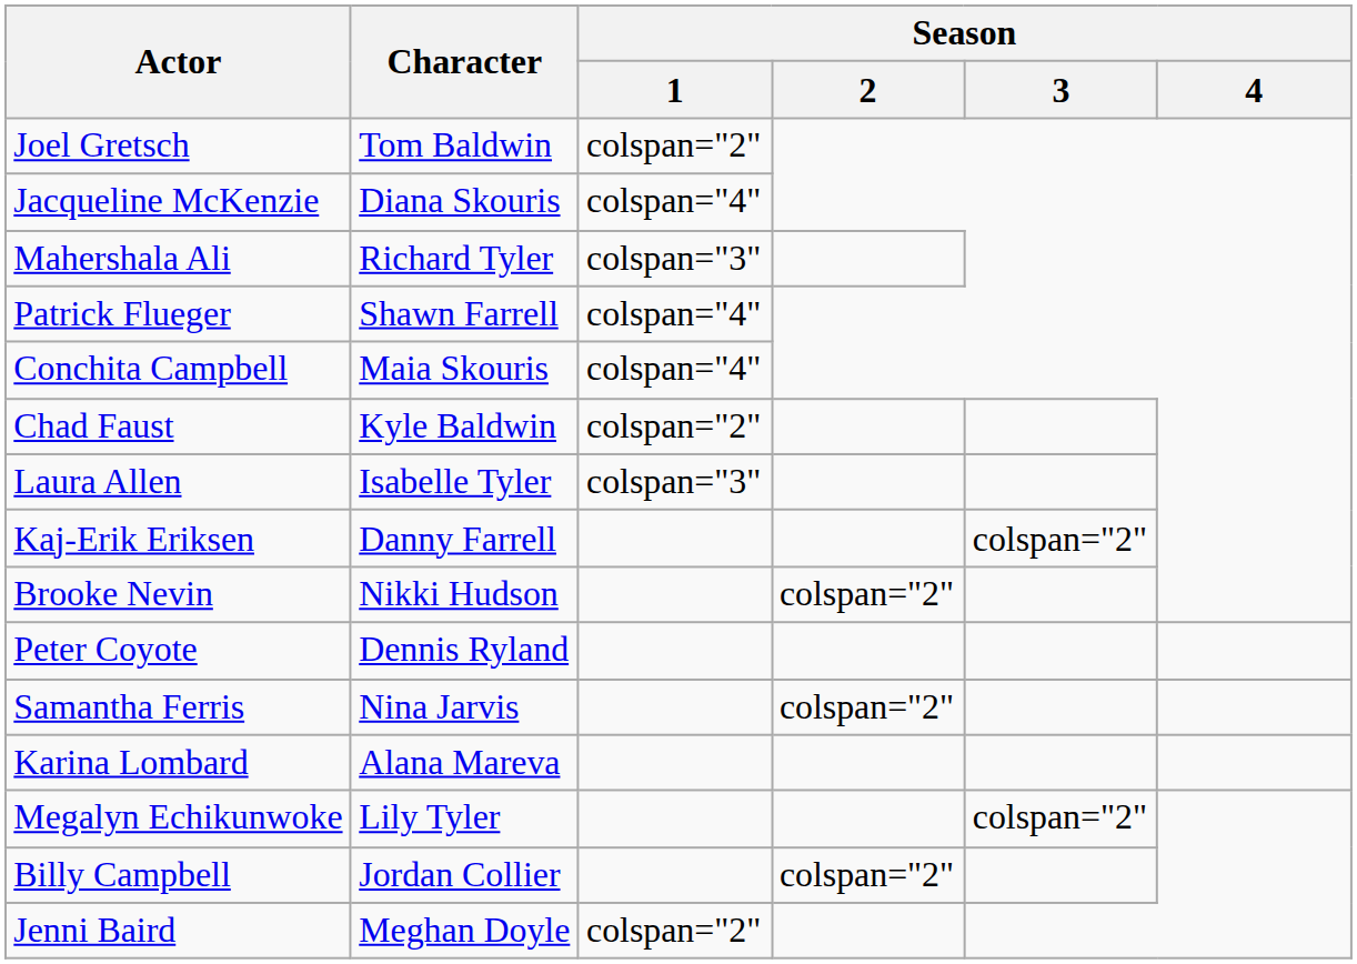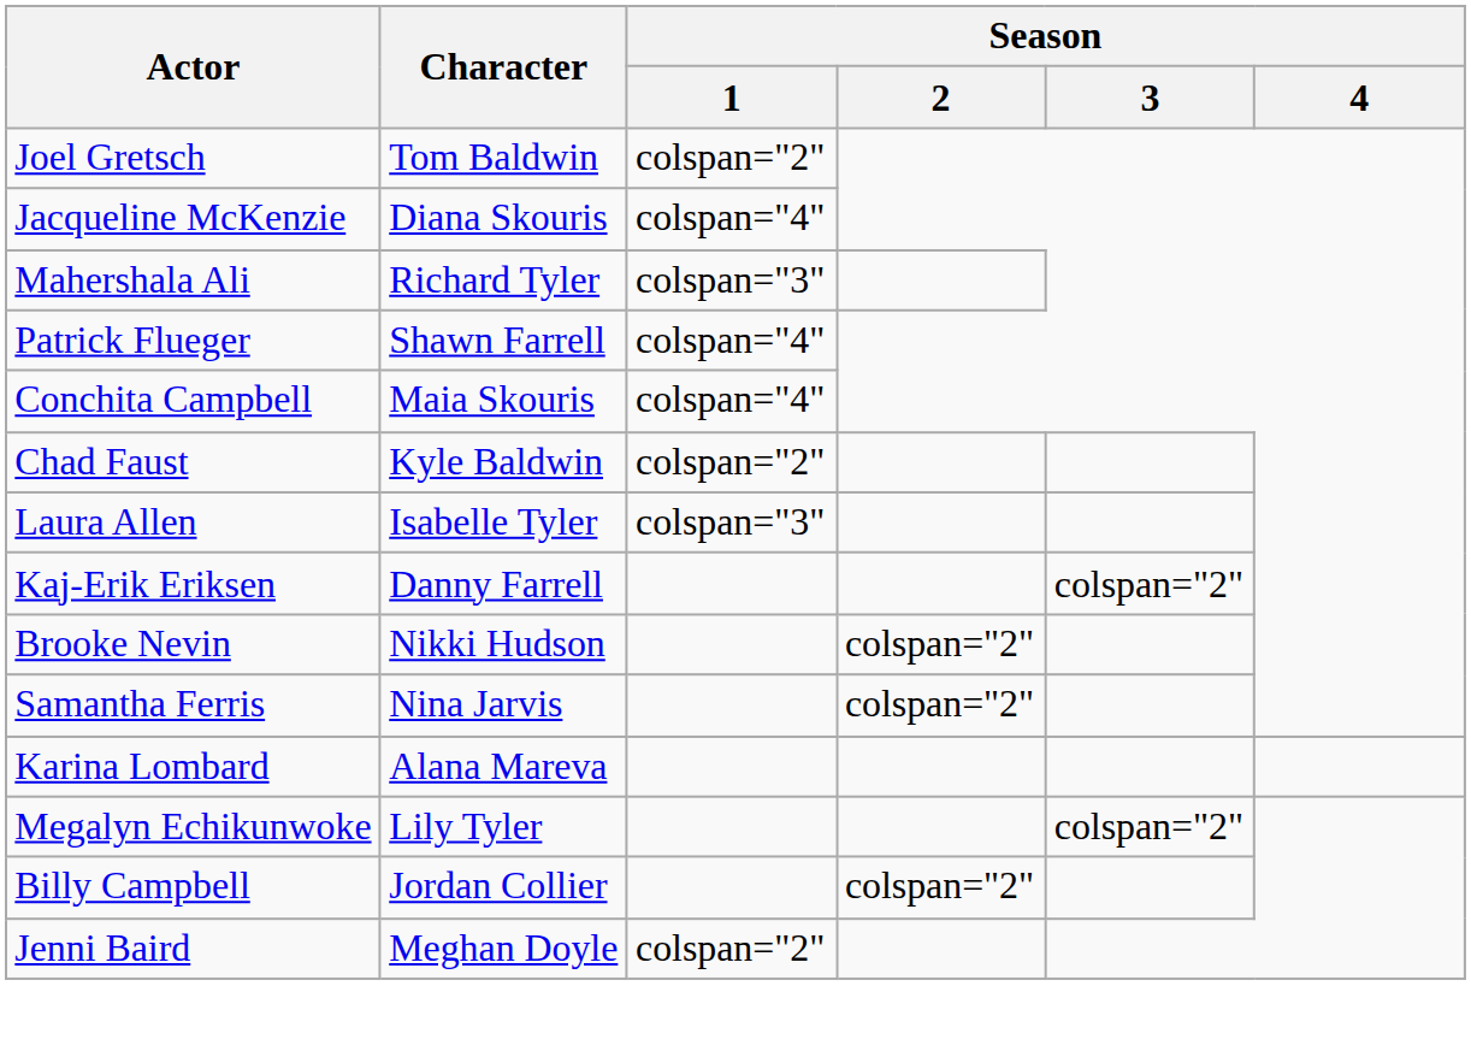 <table class="wikitable">
 <tr>
 <th rowspan="2">Actor</th>
 <th rowspan="2">Character</th>
 <th colspan="4">Season</th>
 </tr>
 <tr>
 <th style="width: 5em;">1</th>
 <th style="width: 5em;">2</th>
 <th style="width: 5em;">3</th>
 <th style="width: 5em;">4</th>
 </tr>
 <tr>
 <td><a href='#'>Joel Gretsch</a></td>
 <td><a href='#'>Tom Baldwin</a></td>
 <td>colspan="2" </td>
 </tr>
 <tr>
 <td><a href='#'>Jacqueline McKenzie</a></td>
 <td><a href='#'>Diana Skouris</a></td>
 <td>colspan="4" </td>
 </tr>
 <tr>
 <td><a href='#'>Mahershala Ali</a></td>
 <td><a href='#'>Richard Tyler</a></td>
 <td>colspan="3" </td>
 <td></td>
 </tr>
 <tr>
 <td><a href='#'>Patrick Flueger</a></td>
 <td><a href='#'>Shawn Farrell</a></td>
 <td>colspan="4" </td>
 </tr>
 <tr>
 <td><a href='#'>Conchita Campbell</a></td>
 <td><a href='#'>Maia Skouris</a></td>
 <td>colspan="4" </td>
 </tr>
 <tr>
 <td><a href='#'>Chad Faust</a></td>
 <td><a href='#'>Kyle Baldwin</a></td>
 <td>colspan="2" </td>
 <td></td>
 <td></td>
 </tr>
 <tr>
 <td><a href='#'>Laura Allen</a></td>
 <td><a href='#'>Isabelle Tyler</a></td>
 <td>colspan="3" </td>
 <td></td>
 <td></td>
 </tr>
 <tr>
 <td><a href='#'>Kaj-Erik Eriksen</a></td>
 <td><a href='#'>Danny Farrell</a></td>
 <td></td>
 <td></td>
 <td>colspan="2" </td>
 </tr>
 <tr>
 <td><a href='#'>Brooke Nevin</a></td>
 <td><a href='#'>Nikki Hudson</a></td>
 <td></td>
 <td>colspan="2" </td>
 <td></td>
 </tr>
 <tr>
-<td><a href='#'>Peter Coyote</a></td>
-<td><a href='#'>Dennis Ryland</a></td>
-<td></td>
-<td></td>
-<td></td>
-<td></td>
-</tr>
-<tr>
 <td><a href='#'>Samantha Ferris</a></td>
 <td><a href='#'>Nina Jarvis</a></td>
 <td></td>
 <td>colspan="2" </td>
 <td></td>
 </tr>
 <tr>
 <td><a href='#'>Karina Lombard</a></td>
 <td><a href='#'>Alana Mareva</a></td>
 <td></td>
 <td></td>
 <td></td>
 <td></td>
 </tr>
 <tr>
 <td><a href='#'>Megalyn Echikunwoke</a></td>
 <td><a href='#'>Lily Tyler</a></td>
 <td></td>
 <td></td>
 <td>colspan="2" </td>
 </tr>
 <tr>
 <td><a href='#'>Billy Campbell</a></td>
 <td><a href='#'>Jordan Collier</a></td>
 <td></td>
 <td>colspan="2" </td>
 <td></td>
 </tr>
 <tr>
 <td><a href='#'>Jenni Baird</a></td>
 <td><a href='#'>Meghan Doyle</a></td>
 <td>colspan="2" </td>
 <td></td>
 </tr>
 </table>
